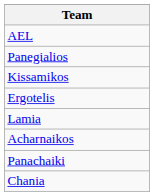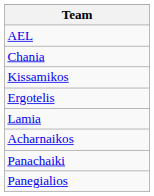 <table class="wikitable">
 <tr>
 </tr>
 <tr>
 <th width=170>Team</th>
 </tr>
 <tr>
 <td><a href='#'>AEL</a></td>
 </tr>
 <tr>
-<td><a href='#'>Panegialios</a></td>
+<td><a href='#'>Chania</a></td>
 </tr>
 <tr>
 <td><a href='#'>Kissamikos</a></td>
 </tr>
 <tr>
 <td><a href='#'>Ergotelis</a></td>
 </tr>
 <tr>
 <td><a href='#'>Lamia</a></td>
 </tr>
 <tr>
 <td><a href='#'>Acharnaikos</a></td>
 </tr>
 <tr>
 <td><a href='#'>Panachaiki</a></td>
 </tr>
 <tr>
-<td><a href='#'>Chania</a></td>
+<td><a href='#'>Panegialios</a></td>
 </tr>
 </table>
